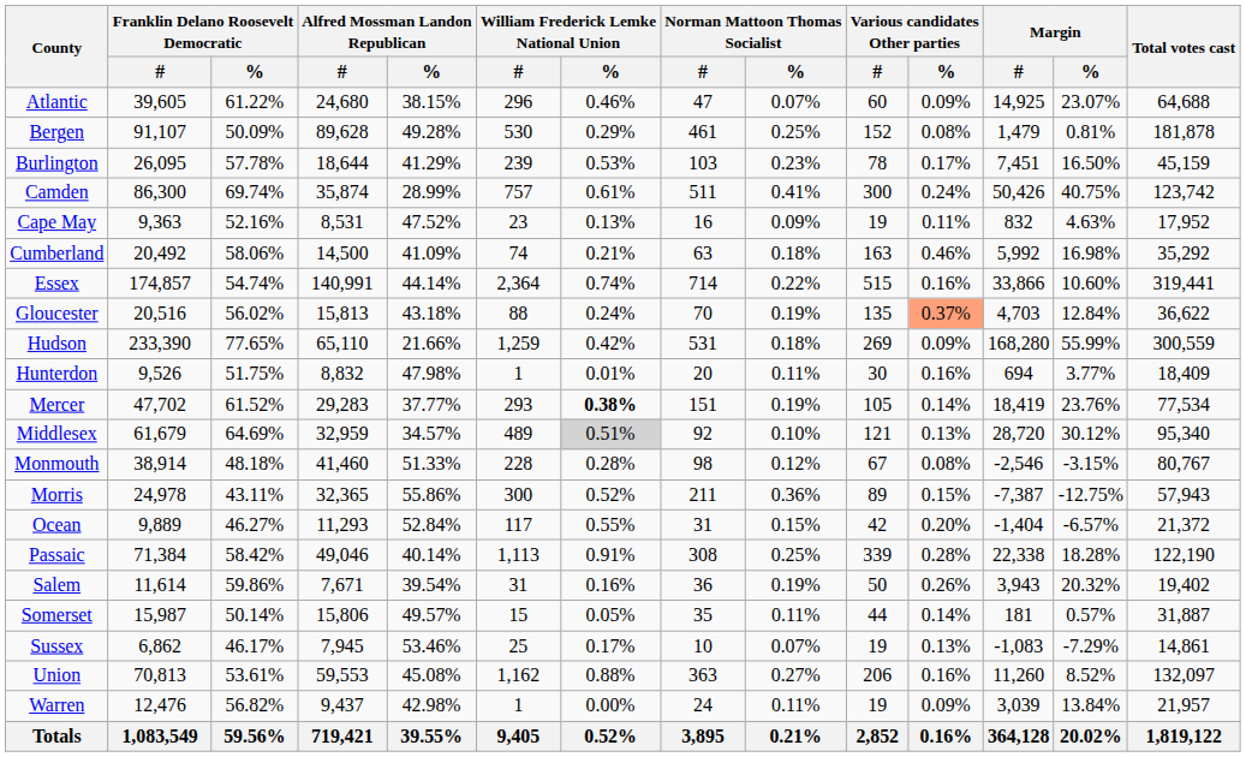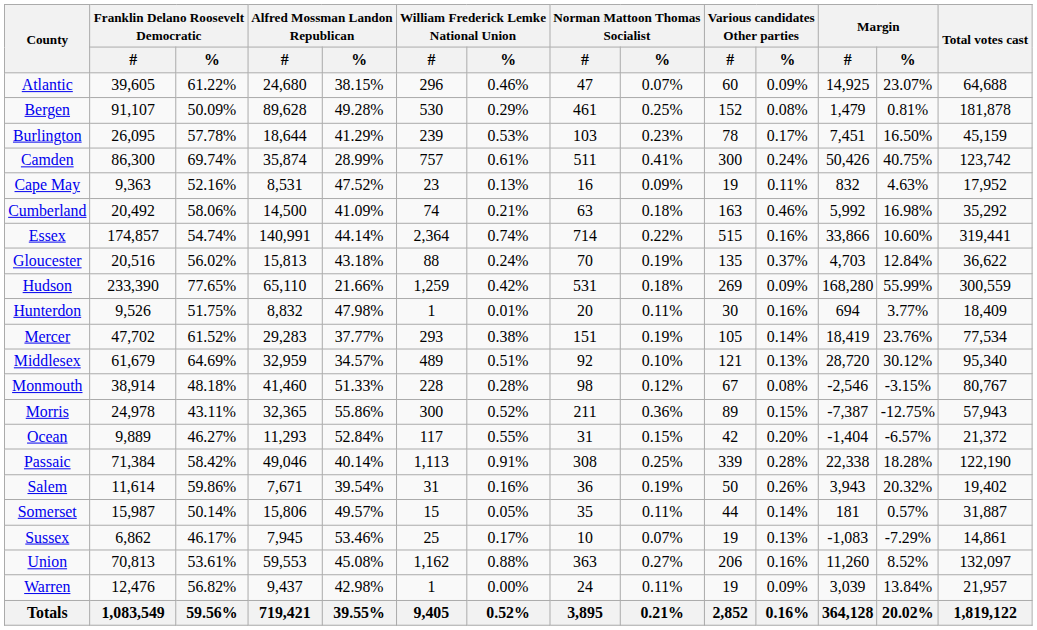 <table class="wikitable sortable" style="text-align:center">
 <tr>
 <th style="text-align:center;" rowspan="2"><small>County</small></th>
 <th style="text-align:center;" colspan="2"><small>Franklin Delano Roosevelt</small><br><small>Democratic</small></th>
 <th style="text-align:center;" colspan="2"><small>Alfred Mossman Landon</small><br><small>Republican</small></th>
 <th style="text-align:center;" colspan="2"><small>William Frederick Lemke</small><br><small>National Union</small></th>
 <th style="text-align:center;" colspan="2"><small>Norman Mattoon Thomas</small><br><small>Socialist</small></th>
 <th style="text-align:center;" colspan="2"><small>Various candidates</small><br><small>Other parties</small></th>
 <th style="text-align:center;" colspan="2"><small>Margin</small></th>
 <th style="text-align:center;" rowspan="2"><small>Total votes cast</small></th>
 </tr>
 <tr>
 <th data-sort-type="number">#</th>
 <th data-sort-type="number">%</th>
 <th data-sort-type="number">#</th>
 <th data-sort-type="number">%</th>
 <th data-sort-type="number">#</th>
 <th data-sort-type="number">%</th>
 <th data-sort-type="number">#</th>
 <th data-sort-type="number">%</th>
 <th data-sort-type="number">#</th>
 <th data-sort-type="number">%</th>
 <th data-sort-type="number">#</th>
 <th data-sort-type="number">%</th>
 </tr>
 <tr style="text-align:center;">
 <td><a href='#'>Atlantic</a></td>
 <td>39,605</td>
 <td>61.22%</td>
 <td>24,680</td>
 <td>38.15%</td>
 <td>296</td>
 <td>0.46%</td>
 <td>47</td>
 <td>0.07%</td>
 <td>60</td>
 <td>0.09%</td>
 <td>14,925</td>
 <td>23.07%</td>
 <td>64,688</td>
 </tr>
 <tr style="text-align:center;">
 <td><a href='#'>Bergen</a></td>
 <td>91,107</td>
 <td>50.09%</td>
 <td>89,628</td>
 <td>49.28%</td>
 <td>530</td>
 <td>0.29%</td>
 <td>461</td>
 <td>0.25%</td>
 <td>152</td>
 <td>0.08%</td>
 <td>1,479</td>
 <td>0.81%</td>
 <td>181,878</td>
 </tr>
 <tr style="text-align:center;">
 <td><a href='#'>Burlington</a></td>
 <td>26,095</td>
 <td>57.78%</td>
 <td>18,644</td>
 <td>41.29%</td>
 <td>239</td>
 <td>0.53%</td>
 <td>103</td>
 <td>0.23%</td>
 <td>78</td>
 <td>0.17%</td>
 <td>7,451</td>
 <td>16.50%</td>
 <td>45,159</td>
 </tr>
 <tr style="text-align:center;">
 <td><a href='#'>Camden</a></td>
 <td>86,300</td>
 <td>69.74%</td>
 <td>35,874</td>
 <td>28.99%</td>
 <td>757</td>
 <td>0.61%</td>
 <td>511</td>
 <td>0.41%</td>
 <td>300</td>
 <td>0.24%</td>
 <td>50,426</td>
 <td>40.75%</td>
 <td>123,742</td>
 </tr>
 <tr style="text-align:center;">
 <td><a href='#'>Cape May</a></td>
 <td>9,363</td>
 <td>52.16%</td>
 <td>8,531</td>
 <td>47.52%</td>
 <td>23</td>
 <td>0.13%</td>
 <td>16</td>
 <td>0.09%</td>
 <td>19</td>
 <td>0.11%</td>
 <td>832</td>
 <td>4.63%</td>
 <td>17,952</td>
 </tr>
 <tr style="text-align:center;">
 <td><a href='#'>Cumberland</a></td>
 <td>20,492</td>
 <td>58.06%</td>
 <td>14,500</td>
 <td>41.09%</td>
 <td>74</td>
 <td>0.21%</td>
 <td>63</td>
 <td>0.18%</td>
 <td>163</td>
 <td>0.46%</td>
 <td>5,992</td>
 <td>16.98%</td>
 <td>35,292</td>
 </tr>
 <tr style="text-align:center;">
 <td><a href='#'>Essex</a></td>
 <td>174,857</td>
 <td>54.74%</td>
 <td>140,991</td>
 <td>44.14%</td>
 <td>2,364</td>
 <td>0.74%</td>
 <td>714</td>
 <td>0.22%</td>
 <td>515</td>
 <td>0.16%</td>
 <td>33,866</td>
 <td>10.60%</td>
 <td>319,441</td>
 </tr>
 <tr style="text-align:center;">
 <td><a href='#'>Gloucester</a></td>
 <td>20,516</td>
 <td>56.02%</td>
 <td>15,813</td>
 <td>43.18%</td>
 <td>88</td>
 <td>0.24%</td>
 <td>70</td>
 <td>0.19%</td>
 <td>135</td>
-<td style="background: lightsalmon;">0.37%</td>
+<td>0.37%</td>
 <td>4,703</td>
 <td>12.84%</td>
 <td>36,622</td>
 </tr>
 <tr style="text-align:center;">
 <td><a href='#'>Hudson</a></td>
 <td>233,390</td>
 <td>77.65%</td>
 <td>65,110</td>
 <td>21.66%</td>
 <td>1,259</td>
 <td>0.42%</td>
 <td>531</td>
 <td>0.18%</td>
 <td>269</td>
 <td>0.09%</td>
 <td>168,280</td>
 <td>55.99%</td>
 <td>300,559</td>
 </tr>
 <tr style="text-align:center;">
 <td><a href='#'>Hunterdon</a></td>
 <td>9,526</td>
 <td>51.75%</td>
 <td>8,832</td>
 <td>47.98%</td>
 <td>1</td>
 <td>0.01%</td>
 <td>20</td>
 <td>0.11%</td>
 <td>30</td>
 <td>0.16%</td>
 <td>694</td>
 <td>3.77%</td>
 <td>18,409</td>
 </tr>
 <tr style="text-align:center;">
 <td><a href='#'>Mercer</a></td>
 <td>47,702</td>
 <td>61.52%</td>
 <td>29,283</td>
 <td>37.77%</td>
 <td>293</td>
-<td><strong>0.38%</strong></td>
+<td>0.38%</td>
 <td>151</td>
 <td>0.19%</td>
 <td>105</td>
 <td>0.14%</td>
 <td>18,419</td>
 <td>23.76%</td>
 <td>77,534</td>
 </tr>
 <tr style="text-align:center;">
 <td><a href='#'>Middlesex</a></td>
 <td>61,679</td>
 <td>64.69%</td>
 <td>32,959</td>
 <td>34.57%</td>
 <td>489</td>
-<td style="background: lightgrey;">0.51%</td>
+<td>0.51%</td>
 <td>92</td>
 <td>0.10%</td>
 <td>121</td>
 <td>0.13%</td>
 <td>28,720</td>
 <td>30.12%</td>
 <td>95,340</td>
 </tr>
 <tr style="text-align:center;">
 <td><a href='#'>Monmouth</a></td>
 <td>38,914</td>
 <td>48.18%</td>
 <td>41,460</td>
 <td>51.33%</td>
 <td>228</td>
 <td>0.28%</td>
 <td>98</td>
 <td>0.12%</td>
 <td>67</td>
 <td>0.08%</td>
 <td>-2,546</td>
 <td>-3.15%</td>
 <td>80,767</td>
 </tr>
 <tr style="text-align:center;">
 <td><a href='#'>Morris</a></td>
 <td>24,978</td>
 <td>43.11%</td>
 <td>32,365</td>
 <td>55.86%</td>
 <td>300</td>
 <td>0.52%</td>
 <td>211</td>
 <td>0.36%</td>
 <td>89</td>
 <td>0.15%</td>
 <td>-7,387</td>
 <td>-12.75%</td>
 <td>57,943</td>
 </tr>
 <tr style="text-align:center;">
 <td><a href='#'>Ocean</a></td>
 <td>9,889</td>
 <td>46.27%</td>
 <td>11,293</td>
 <td>52.84%</td>
 <td>117</td>
 <td>0.55%</td>
 <td>31</td>
 <td>0.15%</td>
 <td>42</td>
 <td>0.20%</td>
 <td>-1,404</td>
 <td>-6.57%</td>
 <td>21,372</td>
 </tr>
 <tr style="text-align:center;">
 <td><a href='#'>Passaic</a></td>
 <td>71,384</td>
 <td>58.42%</td>
 <td>49,046</td>
 <td>40.14%</td>
 <td>1,113</td>
 <td>0.91%</td>
 <td>308</td>
 <td>0.25%</td>
 <td>339</td>
 <td>0.28%</td>
 <td>22,338</td>
 <td>18.28%</td>
 <td>122,190</td>
 </tr>
 <tr style="text-align:center;">
 <td><a href='#'>Salem</a></td>
 <td>11,614</td>
 <td>59.86%</td>
 <td>7,671</td>
 <td>39.54%</td>
 <td>31</td>
 <td>0.16%</td>
 <td>36</td>
 <td>0.19%</td>
 <td>50</td>
 <td>0.26%</td>
 <td>3,943</td>
 <td>20.32%</td>
 <td>19,402</td>
 </tr>
 <tr style="text-align:center;">
 <td><a href='#'>Somerset</a></td>
 <td>15,987</td>
 <td>50.14%</td>
 <td>15,806</td>
 <td>49.57%</td>
 <td>15</td>
 <td>0.05%</td>
 <td>35</td>
 <td>0.11%</td>
 <td>44</td>
 <td>0.14%</td>
 <td>181</td>
 <td>0.57%</td>
 <td>31,887</td>
 </tr>
 <tr style="text-align:center;">
 <td><a href='#'>Sussex</a></td>
 <td>6,862</td>
 <td>46.17%</td>
 <td>7,945</td>
 <td>53.46%</td>
 <td>25</td>
 <td>0.17%</td>
 <td>10</td>
 <td>0.07%</td>
 <td>19</td>
 <td>0.13%</td>
 <td>-1,083</td>
 <td>-7.29%</td>
 <td>14,861</td>
 </tr>
 <tr style="text-align:center;">
 <td><a href='#'>Union</a></td>
 <td>70,813</td>
 <td>53.61%</td>
 <td>59,553</td>
 <td>45.08%</td>
 <td>1,162</td>
 <td>0.88%</td>
 <td>363</td>
 <td>0.27%</td>
 <td>206</td>
 <td>0.16%</td>
 <td>11,260</td>
 <td>8.52%</td>
 <td>132,097</td>
 </tr>
 <tr style="text-align:center;">
 <td><a href='#'>Warren</a></td>
 <td>12,476</td>
 <td>56.82%</td>
 <td>9,437</td>
 <td>42.98%</td>
 <td>1</td>
 <td>0.00%</td>
 <td>24</td>
 <td>0.11%</td>
 <td>19</td>
 <td>0.09%</td>
 <td>3,039</td>
 <td>13.84%</td>
 <td>21,957</td>
 </tr>
 <tr style="text-align:center;">
 <th>Totals</th>
 <th>1,083,549</th>
 <th>59.56%</th>
 <th>719,421</th>
 <th>39.55%</th>
 <th>9,405</th>
 <th>0.52%</th>
 <th>3,895</th>
 <th>0.21%</th>
 <th>2,852</th>
 <th>0.16%</th>
 <th>364,128</th>
 <th>20.02%</th>
 <th>1,819,122</th>
 </tr>
 </table>
